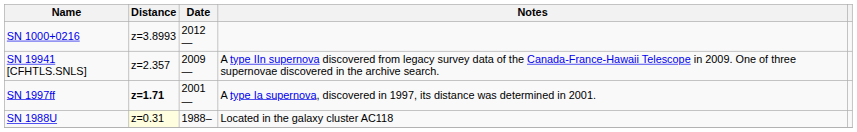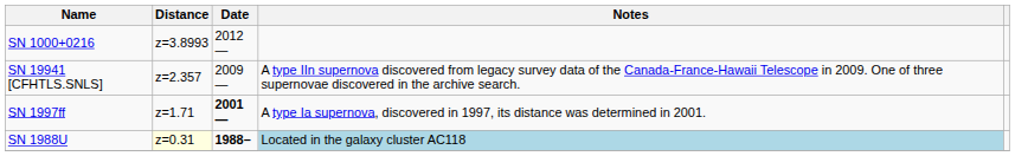 <table class="wikitable">
 <tr>
 <th>Name</th>
 <th>Distance</th>
 <th>Date</th>
 <th>Notes</th>
 <th></th>
 </tr>
 <tr>
 <td><a href='#'>SN 1000+0216</a></td>
 <td>z=3.8993</td>
 <td>2012—</td>
 <td></td>
 <td></td>
 </tr>
 <tr>
 <td><a href='#'>SN 19941</a> [CFHTLS.SNLS]</td>
 <td>z=2.357</td>
 <td>2009—</td>
 <td>A <a href='#'>type IIn supernova</a> discovered from legacy survey data of the <a href='#'>Canada-France-Hawaii Telescope</a> in 2009. One of three supernovae discovered in the archive search.</td>
 <td></td>
 </tr>
 <tr>
 <td><a href='#'>SN 1997ff</a></td>
-<td><strong>z=1.71</strong></td>
-<td>2001—</td>
+<td>z=1.71</td>
+<td><strong>2001—</strong></td>
 <td>A <a href='#'>type Ia supernova</a>, discovered in 1997, its distance was determined in 2001.</td>
 <td><br></td>
 </tr>
 <tr>
 <td><a href='#'>SN 1988U</a></td>
 <td style="background: lightyellow;">z=0.31</td>
-<td>1988–</td>
-<td>Located in the galaxy cluster AC118</td>
+<td><strong>1988–</strong></td>
+<td style="background: lightblue;">Located in the galaxy cluster AC118</td>
 <td></td>
 </tr>
 <tr>
 </tr>
 </table>
